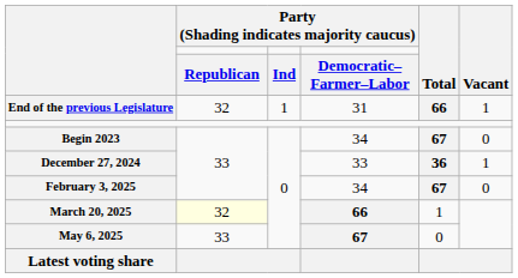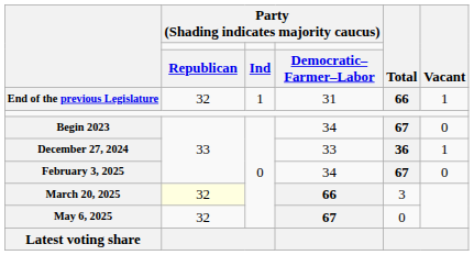 <table class=wikitable style="text-align:center">
 <tr style="vertical-align:bottom;">
 <th rowspan=3></th>
 <th colspan=3>Party <div>(Shading indicates majority caucus)</div></th>
 <th rowspan=3>Total</th>
 <th rowspan=3>Vacant</th>
 </tr>
 <tr>
 <td style="background-color:"></td>
 <td style="background-color:"></td>
 <td style="background-color:"></td>
 </tr>
 <tr>
 <th><a href='#'>Republican</a></th>
 <th><a href='#'>Ind</a></th>
 <th><a href='#'>Democratic–<br>Farmer–Labor</a></th>
 </tr>
 <tr>
 <th nowrap style="font-size:80%">End of the <a href='#'>previous Legislature</a></th>
 <td>32</td>
 <td>1</td>
 <td>31</td>
 <th>66</th>
 <td>1</td>
 </tr>
 <tr>
 <td colspan=6></td>
 </tr>
 <tr>
 <th nowrap style="font-size:80%">Begin 2023</th>
 <td rowspan=3>33</td>
 <td rowspan=5>0</td>
 <td>34</td>
 <th>67</th>
 <td>0</td>
 </tr>
 <tr>
 <th nowrap style="font-size:80%">December 27, 2024</th>
 <td>33</td>
 <th>36</th>
 <td>1</td>
 </tr>
 <tr>
 <th nowrap style="font-size:80%">February 3, 2025</th>
 <td>34</td>
 <th>67</th>
 <td>0</td>
 </tr>
 <tr>
 <th nowrap style="font-size:80%">March 20, 2025</th>
 <td style="background: lightyellow;">32</td>
 <th>66</th>
-<td>1</td>
+<td>3</td>
 </tr>
 <tr>
 <th nowrap style="font-size:80%">May 6, 2025</th>
-<td>33</td>
+<td>32</td>
 <th>67</th>
 <td>0</td>
 </tr>
 <tr>
 <th>Latest voting share</th>
 <th colspan=2></th>
 <th></th>
 <th colspan="2"></th>
 </tr>
 </table>
